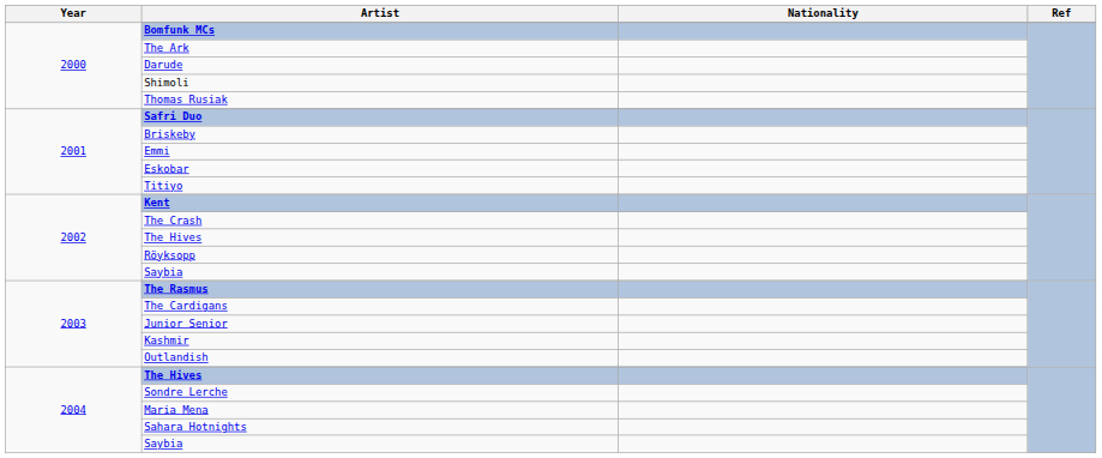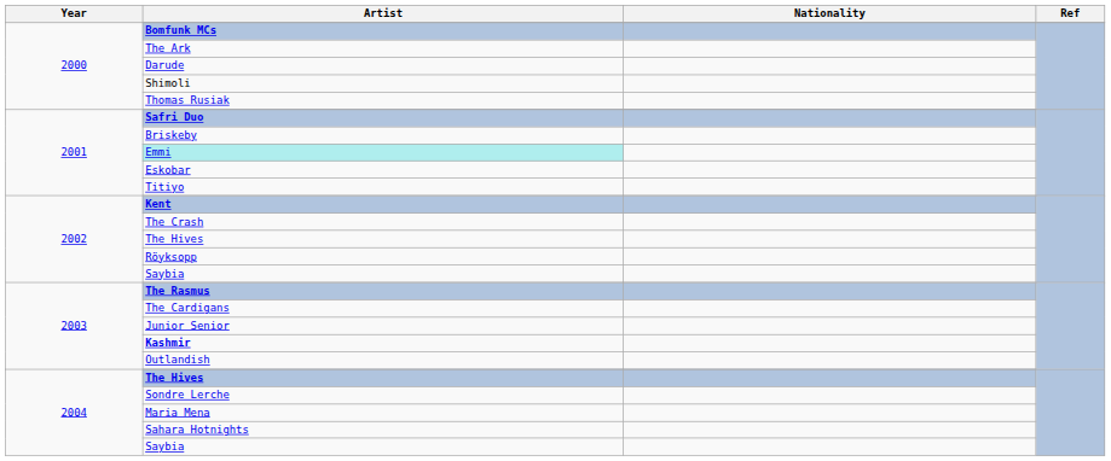 <table class="wikitable sortable plainrowheaders" style="font-size:95%; width:100%;">
 <tr style="background:#bebebe;">
 <th style="width:10%;">Year</th>
 <th style="width:35%;">Artist</th>
 <th style="width:30%;">Nationality</th>
 <th style="width:5%;">Ref</th>
 </tr>
 <tr>
 <td rowspan="6" align="center"><a href='#'>2000</a></td>
 </tr>
 <tr style="background:#B0C4DE">
 <td><strong><a href='#'>Bomfunk MCs</a></strong></td>
 <td><strong></strong></td>
 <td rowspan="6" align="center"></td>
 </tr>
 <tr>
 <td><a href='#'>The Ark</a></td>
 <td></td>
 </tr>
 <tr>
 <td><a href='#'>Darude</a></td>
 <td></td>
 </tr>
 <tr>
 <td>Shimoli</td>
 <td></td>
 </tr>
 <tr>
 <td><a href='#'>Thomas Rusiak</a></td>
 <td></td>
 </tr>
 <tr>
 <td rowspan="6" align="center"><a href='#'>2001</a></td>
 </tr>
 <tr style="background:#B0C4DE">
 <td><strong><a href='#'>Safri Duo</a></strong></td>
 <td><strong></strong></td>
 <td rowspan="6" align="center"></td>
 </tr>
 <tr>
 <td><a href='#'>Briskeby</a></td>
 <td></td>
 </tr>
 <tr>
-<td><a href='#'>Emmi</a></td>
+<td style="background: paleturquoise;"><a href='#'>Emmi</a></td>
 <td></td>
 </tr>
 <tr>
 <td><a href='#'>Eskobar</a></td>
 <td></td>
 </tr>
 <tr>
 <td><a href='#'>Titiyo</a></td>
 <td></td>
 </tr>
 <tr>
 <td rowspan="6" align="center"><a href='#'>2002</a></td>
 </tr>
 <tr style="background:#B0C4DE">
 <td><strong><a href='#'>Kent</a></strong></td>
 <td><strong></strong></td>
 <td rowspan="6" align="center"></td>
 </tr>
 <tr>
 <td><a href='#'>The Crash</a></td>
 <td></td>
 </tr>
 <tr>
 <td><a href='#'>The Hives</a></td>
 <td></td>
 </tr>
 <tr>
 <td><a href='#'>Röyksopp</a></td>
 <td></td>
 </tr>
 <tr>
 <td><a href='#'>Saybia</a></td>
 <td></td>
 </tr>
 <tr>
 <td rowspan="6" align="center"><a href='#'>2003</a></td>
 </tr>
 <tr style="background:#B0C4DE">
 <td><strong><a href='#'>The Rasmus</a></strong></td>
 <td><strong></strong></td>
 <td rowspan="6" align="center"></td>
 </tr>
 <tr>
 <td><a href='#'>The Cardigans</a></td>
 <td></td>
 </tr>
 <tr>
 <td><a href='#'>Junior Senior</a></td>
 <td></td>
 </tr>
 <tr>
-<td><a href='#'>Kashmir</a></td>
+<td><strong><a href='#'>Kashmir</a></strong></td>
 <td></td>
 </tr>
 <tr>
 <td><a href='#'>Outlandish</a></td>
 <td></td>
 </tr>
 <tr>
 <td rowspan="6" align="center"><a href='#'>2004</a></td>
 </tr>
 <tr style="background:#B0C4DE">
 <td><strong><a href='#'>The Hives</a></strong></td>
 <td><strong></strong></td>
 <td rowspan="6" align="center"></td>
 </tr>
 <tr>
 <td><a href='#'>Sondre Lerche</a></td>
 <td></td>
 </tr>
 <tr>
 <td><a href='#'>Maria Mena</a></td>
 <td></td>
 </tr>
 <tr>
 <td><a href='#'>Sahara Hotnights</a></td>
 <td></td>
 </tr>
 <tr>
 <td><a href='#'>Saybia</a></td>
 <td></td>
 </tr>
 </table>
